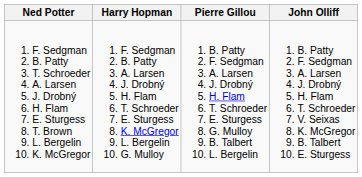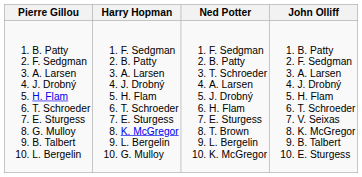 <table class="wikitable">
 <tr>
+<th>Pierre Gillou</th>
+<th>Harry Hopman</th>
 <th>Ned Potter</th>
-<th>Harry Hopman</th>
-<th>Pierre Gillou</th>
 <th>John Olliff</th>
 </tr>
 <tr style="vertical-align: top;">
+<td style="white-space: nowrap;"><br><ol><li> B. Patty</li><li> F. Sedgman</li><li> A. Larsen</li><li> J. Drobný</li><li> <a href='#'>H. Flam</a></li><li> T. Schroeder</li><li> E. Sturgess</li><li> G. Mulloy</li><li> B. Talbert</li><li> L. Bergelin</li></ol></td>
+<td style="white-space: nowrap;"><br><ol><li> F. Sedgman</li><li> B. Patty</li><li> A. Larsen</li><li> J. Drobný</li><li> H. Flam</li><li> T. Schroeder</li><li> E. Sturgess</li><li> <a href='#'>K. McGregor</a></li><li> L. Bergelin</li><li> G. Mulloy</li></ol></td>
 <td style="white-space: nowrap;"><br><ol><li> F. Sedgman</li><li> B. Patty</li><li> T. Schroeder</li><li> A. Larsen</li><li> J. Drobný</li><li> H. Flam</li><li> E. Sturgess</li><li> T. Brown</li><li> L. Bergelin</li><li> K. McGregor</li></ol></td>
-<td style="white-space: nowrap;"><br><ol><li> F. Sedgman</li><li> B. Patty</li><li> A. Larsen</li><li> J. Drobný</li><li> H. Flam</li><li> T. Schroeder</li><li> E. Sturgess</li><li> <a href='#'>K. McGregor</a></li><li> L. Bergelin</li><li> G. Mulloy</li></ol></td>
-<td style="white-space: nowrap;"><br><ol><li> B. Patty</li><li> F. Sedgman</li><li> A. Larsen</li><li> J. Drobný</li><li> <a href='#'>H. Flam</a></li><li> T. Schroeder</li><li> E. Sturgess</li><li> G. Mulloy</li><li> B. Talbert</li><li> L. Bergelin</li></ol></td>
 <td style="white-space: nowrap;"><br><ol><li> B. Patty</li><li> F. Sedgman</li><li> A. Larsen</li><li> J. Drobný</li><li> H. Flam</li><li> T. Schroeder</li><li> V. Seixas</li><li> K. McGregor</li><li> B. Talbert</li><li> E. Sturgess</li></ol></td>
 </tr>
 </table>
